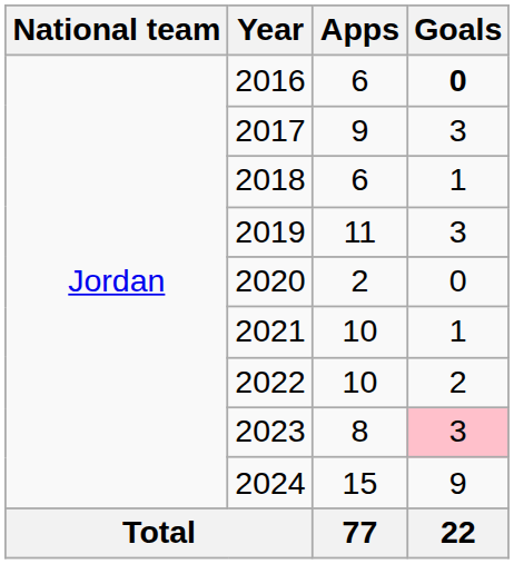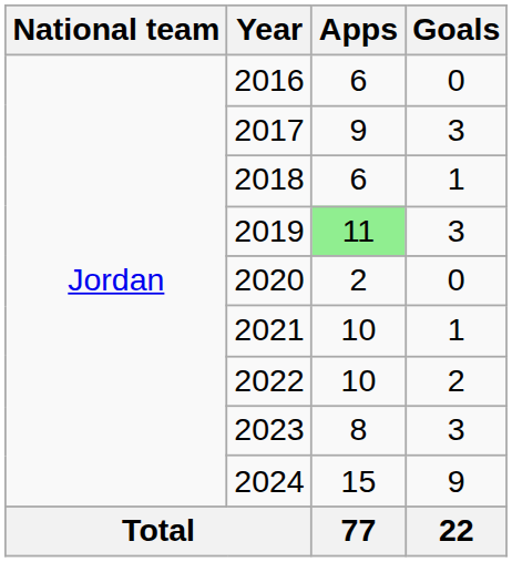 <table class="wikitable" style="text-align:center">
 <tr>
 <th>National team</th>
 <th>Year</th>
 <th>Apps</th>
 <th>Goals</th>
 </tr>
 <tr>
 <td rowspan="9"><a href='#'>Jordan</a></td>
 <td>2016</td>
 <td>6</td>
-<td><strong>0</strong></td>
+<td>0</td>
 </tr>
 <tr>
 <td>2017</td>
 <td>9</td>
 <td>3</td>
 </tr>
 <tr>
 <td>2018</td>
 <td>6</td>
 <td>1</td>
 </tr>
 <tr>
 <td>2019</td>
-<td>11</td>
+<td style="background: lightgreen;">11</td>
 <td>3</td>
 </tr>
 <tr>
 <td>2020</td>
 <td>2</td>
 <td>0</td>
 </tr>
 <tr>
 <td>2021</td>
 <td>10</td>
 <td>1</td>
 </tr>
 <tr>
 <td>2022</td>
 <td>10</td>
 <td>2</td>
 </tr>
 <tr>
 <td>2023</td>
 <td>8</td>
-<td style="background: pink;">3</td>
+<td>3</td>
 </tr>
 <tr>
 <td>2024</td>
 <td>15</td>
 <td>9</td>
 </tr>
 <tr>
 <th colspan="2">Total</th>
 <th>77</th>
 <th>22</th>
 </tr>
 </table>
